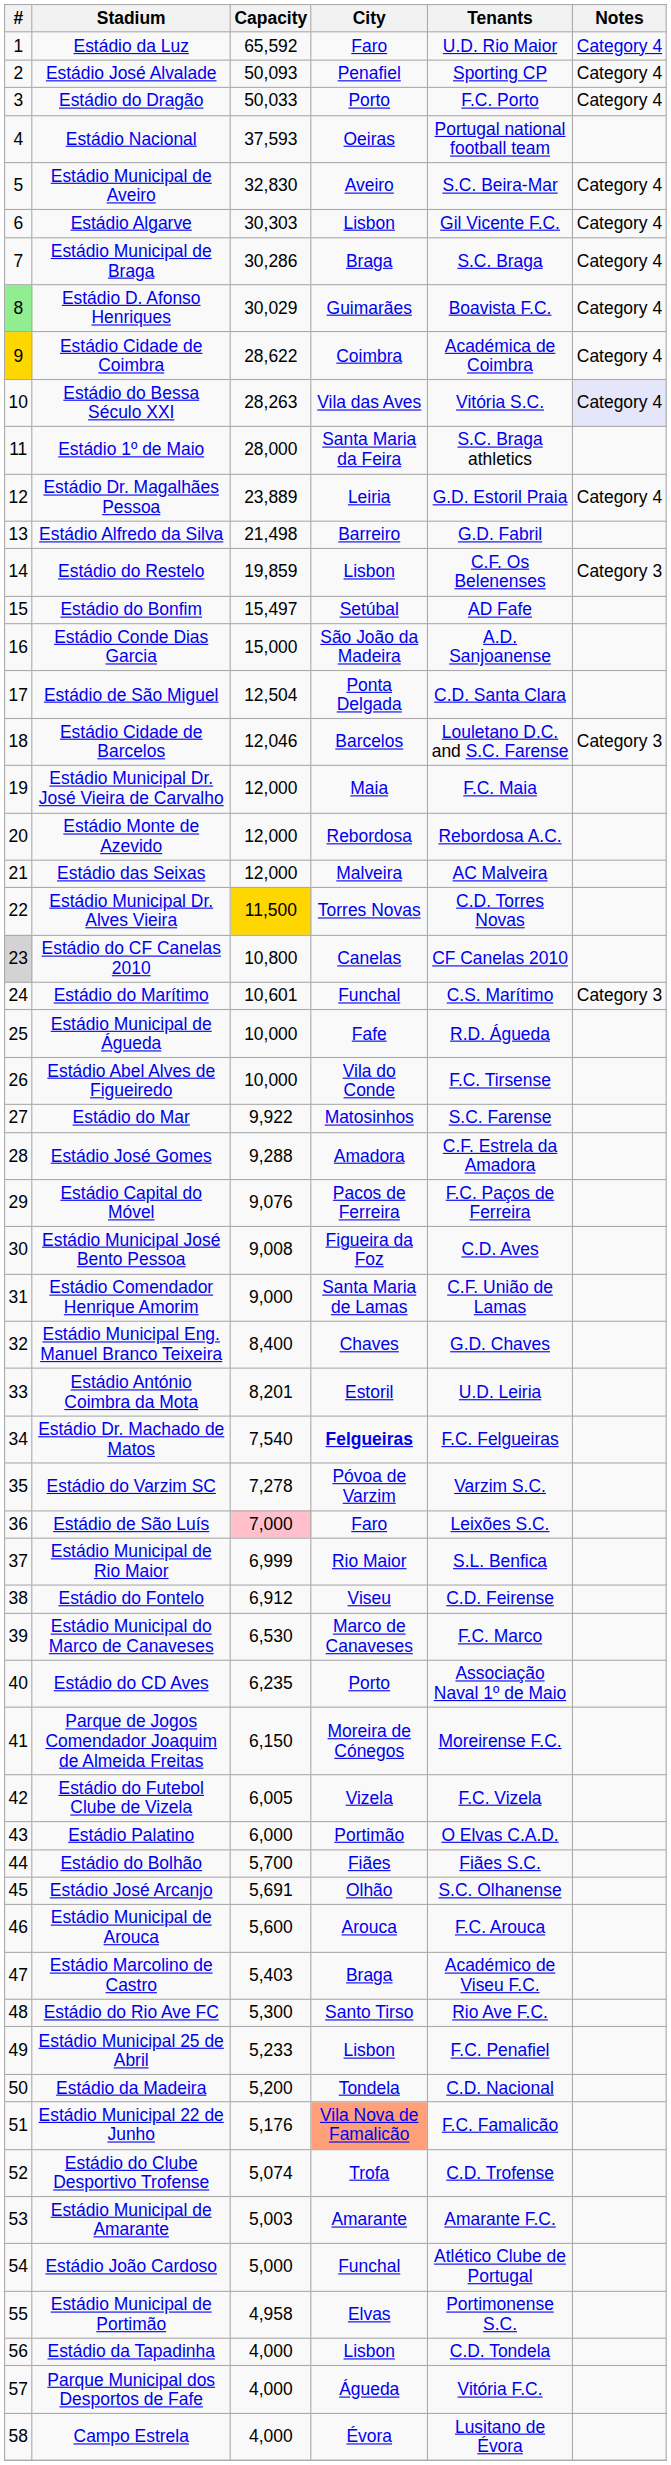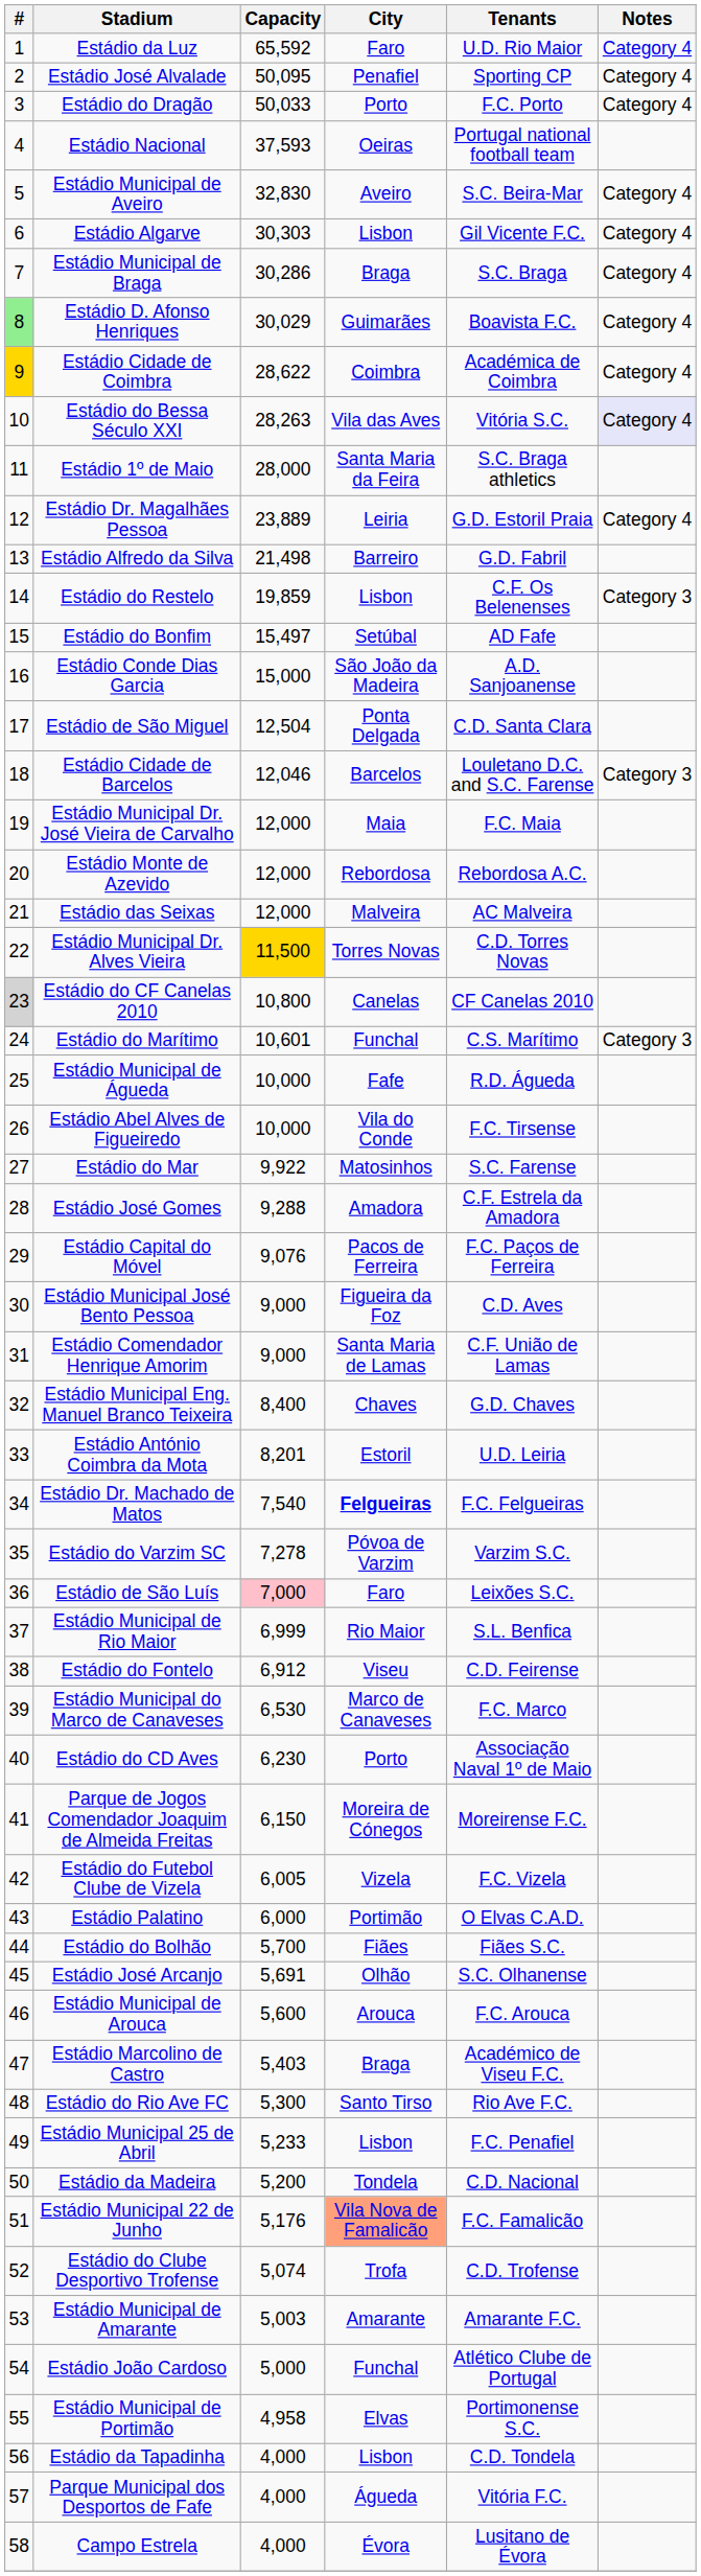 <table class="wikitable sortable" style="text-align:center;">
 <tr>
 <th>#</th>
 <th style="width:30%">Stadium</th>
 <th>Capacity</th>
 <th>City</th>
 <th>Tenants</th>
 <th>Notes</th>
 </tr>
 <tr>
 <td style="text-align:center;">1</td>
 <td><a href='#'>Estádio da Luz</a></td>
 <td style="text-align:center;">65,592</td>
 <td><a href='#'>Faro</a></td>
 <td><a href='#'>U.D. Rio Maior</a></td>
 <td><a href='#'>Category 4</a></td>
 </tr>
 <tr>
 <td style="text-align:center;">2</td>
 <td><a href='#'>Estádio José Alvalade</a></td>
-<td style="text-align:center;">50,093</td>
+<td style="text-align:center;">50,095</td>
 <td><a href='#'>Penafiel</a></td>
 <td><a href='#'>Sporting CP</a></td>
 <td>Category 4</td>
 </tr>
 <tr>
 <td style="text-align:center;">3</td>
 <td><a href='#'>Estádio do Dragão</a></td>
 <td style="text-align:center;">50,033</td>
 <td><a href='#'>Porto</a></td>
 <td><a href='#'>F.C. Porto</a></td>
 <td>Category 4</td>
 </tr>
 <tr>
 <td style="text-align:center;">4</td>
 <td><a href='#'>Estádio Nacional</a></td>
 <td style="text-align:center;">37,593</td>
 <td><a href='#'>Oeiras</a></td>
 <td><a href='#'>Portugal national football team</a></td>
 <td></td>
 </tr>
 <tr>
 <td style="text-align:center;">5</td>
 <td><a href='#'>Estádio Municipal de Aveiro</a></td>
 <td style="text-align:center;">32,830</td>
 <td><a href='#'>Aveiro</a></td>
 <td><a href='#'>S.C. Beira-Mar</a></td>
 <td>Category 4</td>
 </tr>
 <tr>
 <td style="text-align:center;">6</td>
 <td><a href='#'>Estádio Algarve</a></td>
 <td style="text-align:center;">30,303</td>
 <td><a href='#'>Lisbon</a></td>
 <td><a href='#'>Gil Vicente F.C.</a></td>
 <td>Category 4</td>
 </tr>
 <tr>
 <td style="text-align:center;">7</td>
 <td><a href='#'>Estádio Municipal de Braga</a></td>
 <td style="text-align:center;">30,286</td>
 <td><a href='#'>Braga</a></td>
 <td><a href='#'>S.C. Braga</a></td>
 <td>Category 4</td>
 </tr>
 <tr>
 <td style="background: lightgreen; text-align:center;">8</td>
 <td><a href='#'>Estádio D. Afonso Henriques</a></td>
 <td style="text-align:center;">30,029</td>
 <td><a href='#'>Guimarães</a></td>
 <td><a href='#'>Boavista F.C.</a></td>
 <td>Category 4</td>
 </tr>
 <tr>
 <td style="background: gold; text-align:center;">9</td>
 <td><a href='#'>Estádio Cidade de Coimbra</a></td>
 <td style="text-align:center;">28,622</td>
 <td><a href='#'>Coimbra</a></td>
 <td><a href='#'>Académica de Coimbra</a></td>
 <td>Category 4</td>
 </tr>
 <tr>
 <td style="text-align:center;">10</td>
 <td><a href='#'>Estádio do Bessa Século XXI</a></td>
 <td style="text-align:center;">28,263</td>
 <td><a href='#'>Vila das Aves</a></td>
 <td><a href='#'>Vitória S.C.</a></td>
 <td style="background: lavender;">Category 4</td>
 </tr>
 <tr>
 <td style="text-align:center;">11</td>
 <td><a href='#'>Estádio 1º de Maio</a></td>
 <td style="text-align:center;">28,000</td>
 <td><a href='#'>Santa Maria da Feira</a></td>
 <td><a href='#'>S.C. Braga</a> athletics</td>
 <td></td>
 </tr>
 <tr>
 <td style="text-align:center;">12</td>
 <td><a href='#'>Estádio Dr. Magalhães Pessoa</a></td>
 <td style="text-align:center;">23,889</td>
 <td><a href='#'>Leiria</a></td>
 <td><a href='#'>G.D. Estoril Praia</a></td>
 <td>Category 4</td>
 </tr>
 <tr>
 <td style="text-align:center;">13</td>
 <td><a href='#'>Estádio Alfredo da Silva</a></td>
 <td style="text-align:center;">21,498</td>
 <td><a href='#'>Barreiro</a></td>
 <td><a href='#'>G.D. Fabril</a></td>
 <td></td>
 </tr>
 <tr>
 <td style="text-align:center;">14</td>
 <td><a href='#'>Estádio do Restelo</a></td>
 <td style="text-align:center;">19,859</td>
 <td><a href='#'>Lisbon</a></td>
 <td><a href='#'>C.F. Os Belenenses</a></td>
 <td>Category 3</td>
 </tr>
 <tr>
 <td style="text-align:center;">15</td>
 <td><a href='#'>Estádio do Bonfim</a></td>
 <td style="text-align:center;">15,497</td>
 <td><a href='#'>Setúbal</a></td>
 <td><a href='#'>AD Fafe</a></td>
 <td></td>
 </tr>
 <tr>
 <td style="text-align:center;">16</td>
 <td><a href='#'>Estádio Conde Dias Garcia</a></td>
 <td style="text-align:center;">15,000</td>
 <td><a href='#'>São João da Madeira</a></td>
 <td><a href='#'>A.D. Sanjoanense</a></td>
 <td></td>
 </tr>
 <tr>
 <td style="text-align:center;">17</td>
 <td><a href='#'>Estádio de São Miguel</a></td>
 <td style="text-align:center;">12,504</td>
 <td><a href='#'>Ponta Delgada</a></td>
 <td><a href='#'>C.D. Santa Clara</a></td>
 <td></td>
 </tr>
 <tr>
 <td style="text-align:center;">18</td>
 <td><a href='#'>Estádio Cidade de Barcelos</a></td>
 <td style="text-align:center;">12,046</td>
 <td><a href='#'>Barcelos</a></td>
 <td><a href='#'>Louletano D.C.</a> and <a href='#'>S.C. Farense</a></td>
 <td>Category 3</td>
 </tr>
 <tr>
 <td style="text-align:center;">19</td>
 <td><a href='#'>Estádio Municipal Dr. José Vieira de Carvalho</a></td>
 <td style="text-align:center;">12,000</td>
 <td><a href='#'>Maia</a></td>
 <td><a href='#'>F.C. Maia</a></td>
 <td></td>
 </tr>
 <tr>
 <td>20</td>
 <td><a href='#'>Estádio Monte de Azevido</a></td>
 <td>12,000</td>
 <td><a href='#'>Rebordosa</a></td>
 <td><a href='#'>Rebordosa A.C.</a></td>
 <td></td>
 </tr>
 <tr>
 <td>21</td>
 <td><a href='#'>Estádio das Seixas</a></td>
 <td>12,000</td>
 <td><a href='#'>Malveira</a></td>
 <td><a href='#'>AC Malveira</a></td>
 <td></td>
 </tr>
 <tr>
 <td style="text-align:center;">22</td>
 <td><a href='#'>Estádio Municipal Dr. Alves Vieira</a></td>
 <td style="background: gold; text-align:center;">11,500</td>
 <td><a href='#'>Torres Novas</a></td>
 <td><a href='#'>C.D. Torres Novas</a></td>
 <td></td>
 </tr>
 <tr>
 <td style="background: lightgrey;">23</td>
 <td><a href='#'>Estádio do CF Canelas 2010</a></td>
 <td>10,800</td>
 <td><a href='#'>Canelas</a></td>
 <td><a href='#'>CF Canelas 2010</a></td>
 <td></td>
 </tr>
 <tr>
 <td style="text-align:center;">24</td>
 <td><a href='#'>Estádio do Marítimo</a></td>
 <td style="text-align:center;">10,601</td>
 <td><a href='#'>Funchal</a></td>
 <td><a href='#'>C.S. Marítimo</a></td>
 <td>Category 3</td>
 </tr>
 <tr>
 <td style="text-align:center;">25</td>
 <td><a href='#'>Estádio Municipal de Águeda</a></td>
 <td style="text-align:center;">10,000</td>
 <td><a href='#'>Fafe</a></td>
 <td><a href='#'>R.D. Águeda</a></td>
 <td></td>
 </tr>
 <tr>
 <td>26</td>
 <td><a href='#'>Estádio Abel Alves de Figueiredo</a></td>
 <td>10,000</td>
 <td><a href='#'>Vila do Conde</a></td>
 <td><a href='#'>F.C. Tirsense</a></td>
 <td></td>
 </tr>
 <tr>
 <td style="text-align:center;">27</td>
 <td><a href='#'>Estádio do Mar</a></td>
 <td style="text-align:center;">9,922</td>
 <td><a href='#'>Matosinhos</a></td>
 <td><a href='#'>S.C. Farense</a></td>
 <td></td>
 </tr>
 <tr>
 <td style="text-align:center;">28</td>
 <td><a href='#'>Estádio José Gomes</a></td>
 <td style="text-align:center;">9,288</td>
 <td><a href='#'>Amadora</a></td>
 <td><a href='#'>C.F. Estrela da Amadora</a></td>
 <td></td>
 </tr>
 <tr>
 <td style="text-align:center;">29</td>
 <td><a href='#'>Estádio Capital do Móvel</a></td>
 <td style="text-align:center;">9,076</td>
 <td><a href='#'>Pacos de Ferreira</a></td>
 <td><a href='#'>F.C. Paços de Ferreira</a></td>
 <td></td>
 </tr>
 <tr>
 <td style="text-align:center;">30</td>
 <td><a href='#'>Estádio Municipal José Bento Pessoa</a></td>
-<td style="text-align:center;">9,008</td>
+<td style="text-align:center;">9,000</td>
 <td><a href='#'>Figueira da Foz</a></td>
 <td><a href='#'>C.D. Aves</a></td>
 <td></td>
 </tr>
 <tr>
 <td>31</td>
 <td><a href='#'>Estádio Comendador Henrique Amorim</a></td>
 <td>9,000</td>
 <td><a href='#'>Santa Maria de Lamas</a></td>
 <td><a href='#'>C.F. União de Lamas</a></td>
 <td></td>
 </tr>
 <tr>
 <td style="text-align:center;">32</td>
 <td><a href='#'>Estádio Municipal Eng. Manuel Branco Teixeira</a></td>
 <td style="text-align:center;">8,400</td>
 <td><a href='#'>Chaves</a></td>
 <td><a href='#'>G.D. Chaves</a></td>
 <td></td>
 </tr>
 <tr>
 <td style="text-align:center;">33</td>
 <td><a href='#'>Estádio António Coimbra da Mota</a></td>
 <td style="text-align:center;">8,201</td>
 <td><a href='#'>Estoril</a></td>
 <td><a href='#'>U.D. Leiria</a></td>
 <td></td>
 </tr>
 <tr>
 <td style="text-align:center;">34</td>
 <td><a href='#'>Estádio Dr. Machado de Matos</a></td>
 <td style="text-align:center;">7,540</td>
 <td><strong><a href='#'>Felgueiras</a></strong></td>
 <td><a href='#'>F.C. Felgueiras</a></td>
 <td></td>
 </tr>
 <tr>
 <td style="text-align:center;">35</td>
 <td><a href='#'>Estádio do Varzim SC</a></td>
 <td style="text-align:center;">7,278</td>
 <td><a href='#'>Póvoa de Varzim</a></td>
 <td><a href='#'>Varzim S.C.</a></td>
 <td></td>
 </tr>
 <tr>
 <td>36</td>
 <td><a href='#'>Estádio de São Luís</a></td>
 <td style="background: pink; text-align:center;">7,000</td>
 <td><a href='#'>Faro</a></td>
 <td><a href='#'>Leixões S.C.</a></td>
 <td></td>
 </tr>
 <tr>
 <td style="text-align:center;">37</td>
 <td><a href='#'>Estádio Municipal de Rio Maior</a></td>
 <td style="text-align:center;">6,999</td>
 <td><a href='#'>Rio Maior</a></td>
 <td><a href='#'>S.L. Benfica</a></td>
 <td></td>
 </tr>
 <tr>
 <td style="text-align:center;">38</td>
 <td><a href='#'>Estádio do Fontelo</a></td>
 <td style="text-align:center;">6,912</td>
 <td><a href='#'>Viseu</a></td>
 <td><a href='#'>C.D. Feirense</a></td>
 <td></td>
 </tr>
 <tr>
 <td style="text-align:center;">39</td>
 <td><a href='#'>Estádio Municipal do Marco de Canaveses</a></td>
 <td style="text-align:center;">6,530</td>
 <td><a href='#'>Marco de Canaveses</a></td>
 <td><a href='#'>F.C. Marco</a></td>
 <td></td>
 </tr>
 <tr>
 <td style="text-align:center;">40</td>
 <td><a href='#'>Estádio do CD Aves</a></td>
-<td style="text-align:center;">6,235</td>
+<td style="text-align:center;">6,230</td>
 <td><a href='#'>Porto</a></td>
 <td><a href='#'>Associação Naval 1º de Maio</a></td>
 <td></td>
 </tr>
 <tr>
 <td style="text-align:center;">41</td>
 <td><a href='#'>Parque de Jogos Comendador Joaquim de Almeida Freitas</a></td>
 <td style="text-align:center;">6,150</td>
 <td><a href='#'>Moreira de Cónegos</a></td>
 <td><a href='#'>Moreirense F.C.</a></td>
 <td></td>
 </tr>
 <tr>
 <td style="text-align:center;">42</td>
 <td><a href='#'>Estádio do Futebol Clube de Vizela</a></td>
 <td style="text-align:center;">6,005</td>
 <td><a href='#'>Vizela</a></td>
 <td><a href='#'>F.C. Vizela</a></td>
 <td></td>
 </tr>
 <tr>
 <td style="text-align:center;">43</td>
 <td><a href='#'>Estádio Palatino</a></td>
 <td style="text-align:center;">6,000</td>
 <td><a href='#'>Portimão</a></td>
 <td><a href='#'>O Elvas C.A.D.</a></td>
 <td></td>
 </tr>
 <tr>
 <td style="text-align:center;">44</td>
 <td><a href='#'>Estádio do Bolhão</a></td>
 <td style="text-align:center;">5,700</td>
 <td><a href='#'>Fiães</a></td>
 <td><a href='#'>Fiães S.C.</a></td>
 <td></td>
 </tr>
 <tr>
 <td style="text-align:center;">45</td>
 <td><a href='#'>Estádio José Arcanjo</a></td>
 <td style="text-align:center;">5,691</td>
 <td><a href='#'>Olhão</a></td>
 <td><a href='#'>S.C. Olhanense</a></td>
 <td></td>
 </tr>
 <tr>
 <td style="text-align:center;">46</td>
 <td><a href='#'>Estádio Municipal de Arouca</a></td>
 <td style="text-align:center;">5,600</td>
 <td><a href='#'>Arouca</a></td>
 <td><a href='#'>F.C. Arouca</a></td>
 <td></td>
 </tr>
 <tr>
 <td style="text-align:center;">47</td>
 <td><a href='#'>Estádio Marcolino de Castro</a></td>
 <td style="text-align:center;">5,403</td>
 <td><a href='#'>Braga</a></td>
 <td><a href='#'>Académico de Viseu F.C.</a></td>
 <td></td>
 </tr>
 <tr>
 <td style="text-align:center;">48</td>
 <td><a href='#'>Estádio do Rio Ave FC</a></td>
 <td style="text-align:center;">5,300</td>
 <td><a href='#'>Santo Tirso</a></td>
 <td><a href='#'>Rio Ave F.C.</a></td>
 <td></td>
 </tr>
 <tr>
 <td style="text-align:center;">49</td>
 <td><a href='#'>Estádio Municipal 25 de Abril</a></td>
 <td style="text-align:center;">5,233</td>
 <td><a href='#'>Lisbon</a></td>
 <td><a href='#'>F.C. Penafiel</a></td>
 <td></td>
 </tr>
 <tr>
 <td style="text-align:center;">50</td>
 <td><a href='#'>Estádio da Madeira</a></td>
 <td style="text-align:center;">5,200</td>
 <td><a href='#'>Tondela</a></td>
 <td><a href='#'>C.D. Nacional</a></td>
 <td></td>
 </tr>
 <tr>
 <td style="text-align:center;">51</td>
 <td><a href='#'>Estádio Municipal 22 de Junho</a></td>
 <td style="text-align:center;">5,176</td>
 <td style="background: lightsalmon;"><a href='#'>Vila Nova de Famalicão</a></td>
 <td><a href='#'>F.C. Famalicão</a></td>
 <td></td>
 </tr>
 <tr>
 <td style="text-align:center;">52</td>
 <td><a href='#'>Estádio do Clube Desportivo Trofense</a></td>
 <td style="text-align:center;">5,074</td>
 <td><a href='#'>Trofa</a></td>
 <td><a href='#'>C.D. Trofense</a></td>
 <td></td>
 </tr>
 <tr>
 <td style="text-align:center;">53</td>
 <td><a href='#'>Estádio Municipal de Amarante</a></td>
 <td style="text-align:center;">5,003</td>
 <td><a href='#'>Amarante</a></td>
 <td><a href='#'>Amarante F.C.</a></td>
 <td></td>
 </tr>
 <tr>
 <td style="text-align:center;">54</td>
 <td><a href='#'>Estádio João Cardoso</a></td>
 <td style="text-align:center;">5,000</td>
 <td><a href='#'>Funchal</a></td>
 <td><a href='#'>Atlético Clube de Portugal</a></td>
 <td></td>
 </tr>
 <tr>
 <td style="text-align:center;">55</td>
 <td><a href='#'>Estádio Municipal de Portimão</a></td>
 <td style="text-align:center;">4,958</td>
 <td><a href='#'>Elvas</a></td>
 <td><a href='#'>Portimonense S.C.</a></td>
 <td></td>
 </tr>
 <tr>
 <td style="text-align:center;">56</td>
 <td><a href='#'>Estádio da Tapadinha</a></td>
 <td style="text-align:center;">4,000</td>
 <td><a href='#'>Lisbon</a></td>
 <td><a href='#'>C.D. Tondela</a></td>
 <td></td>
 </tr>
 <tr>
 <td style="text-align:center;">57</td>
 <td><a href='#'>Parque Municipal dos Desportos de Fafe</a></td>
 <td style="text-align:center;">4,000</td>
 <td><a href='#'>Águeda</a></td>
 <td><a href='#'>Vitória F.C.</a></td>
 <td></td>
 </tr>
 <tr>
 <td style="text-align:center;">58</td>
 <td><a href='#'>Campo Estrela</a></td>
 <td style="text-align:center;">4,000</td>
 <td><a href='#'>Évora</a></td>
 <td><a href='#'>Lusitano de Évora</a></td>
 <td></td>
 </tr>
 <tr>
 </tr>
 </table>
